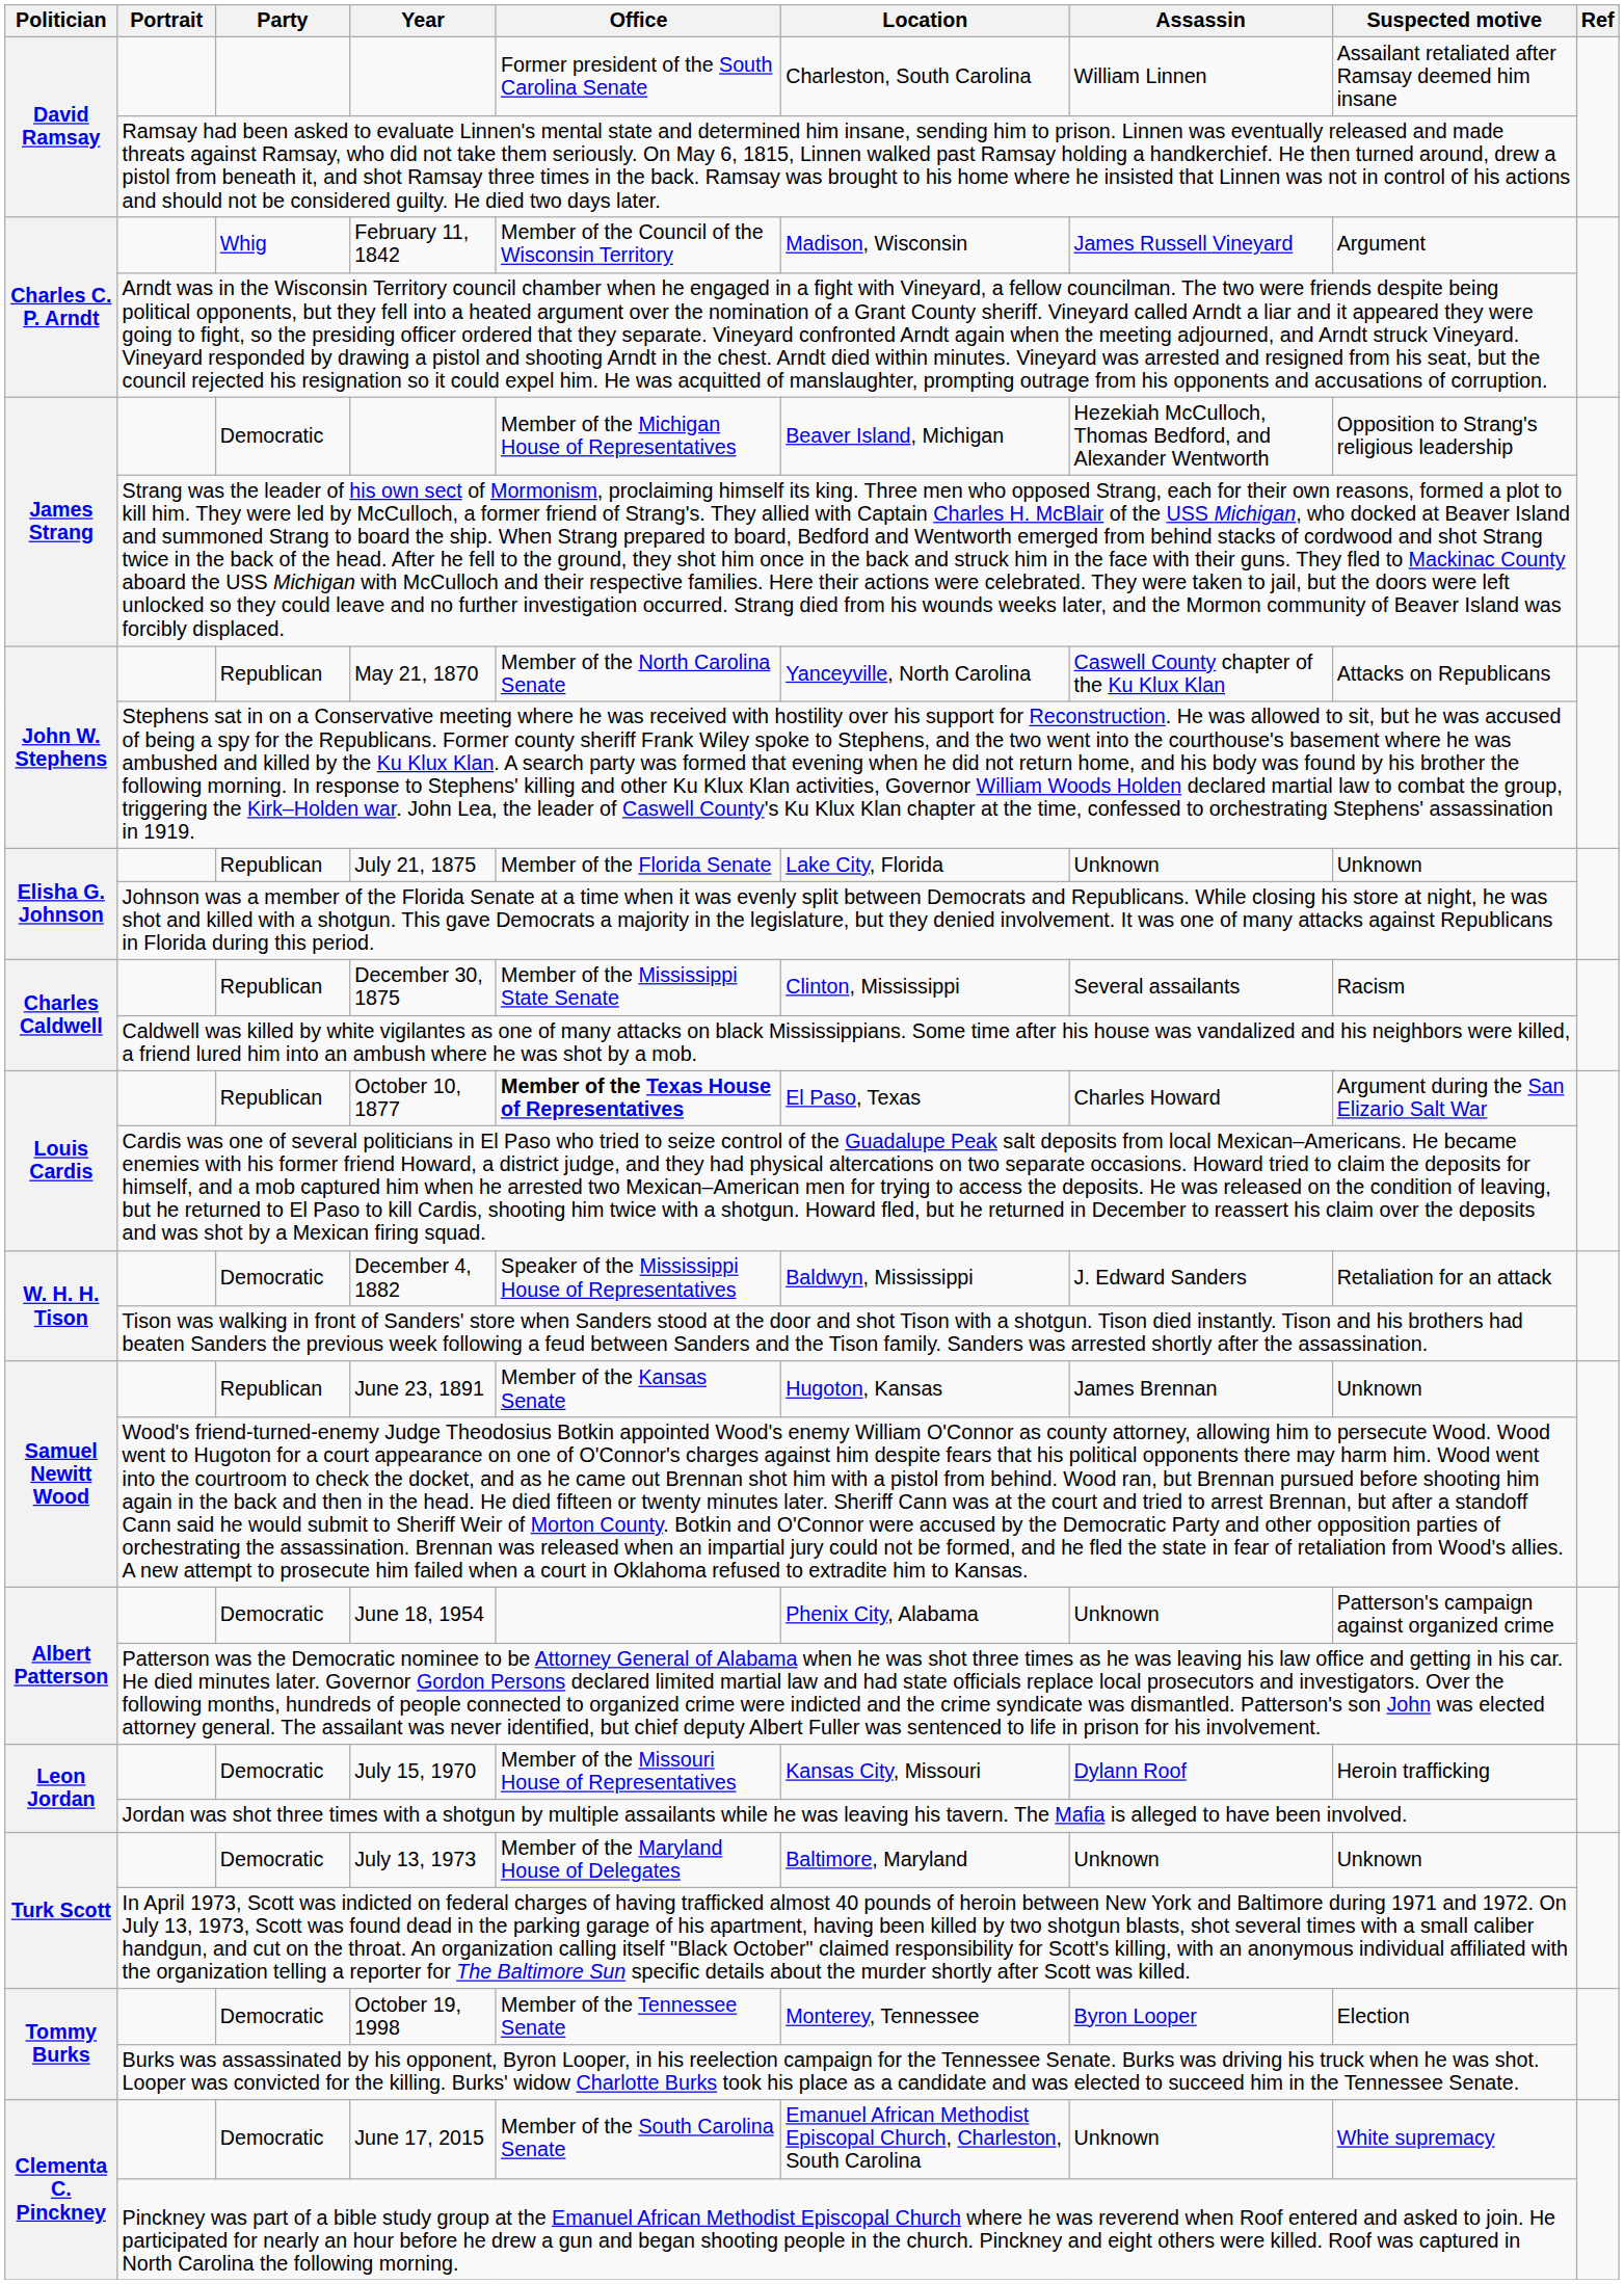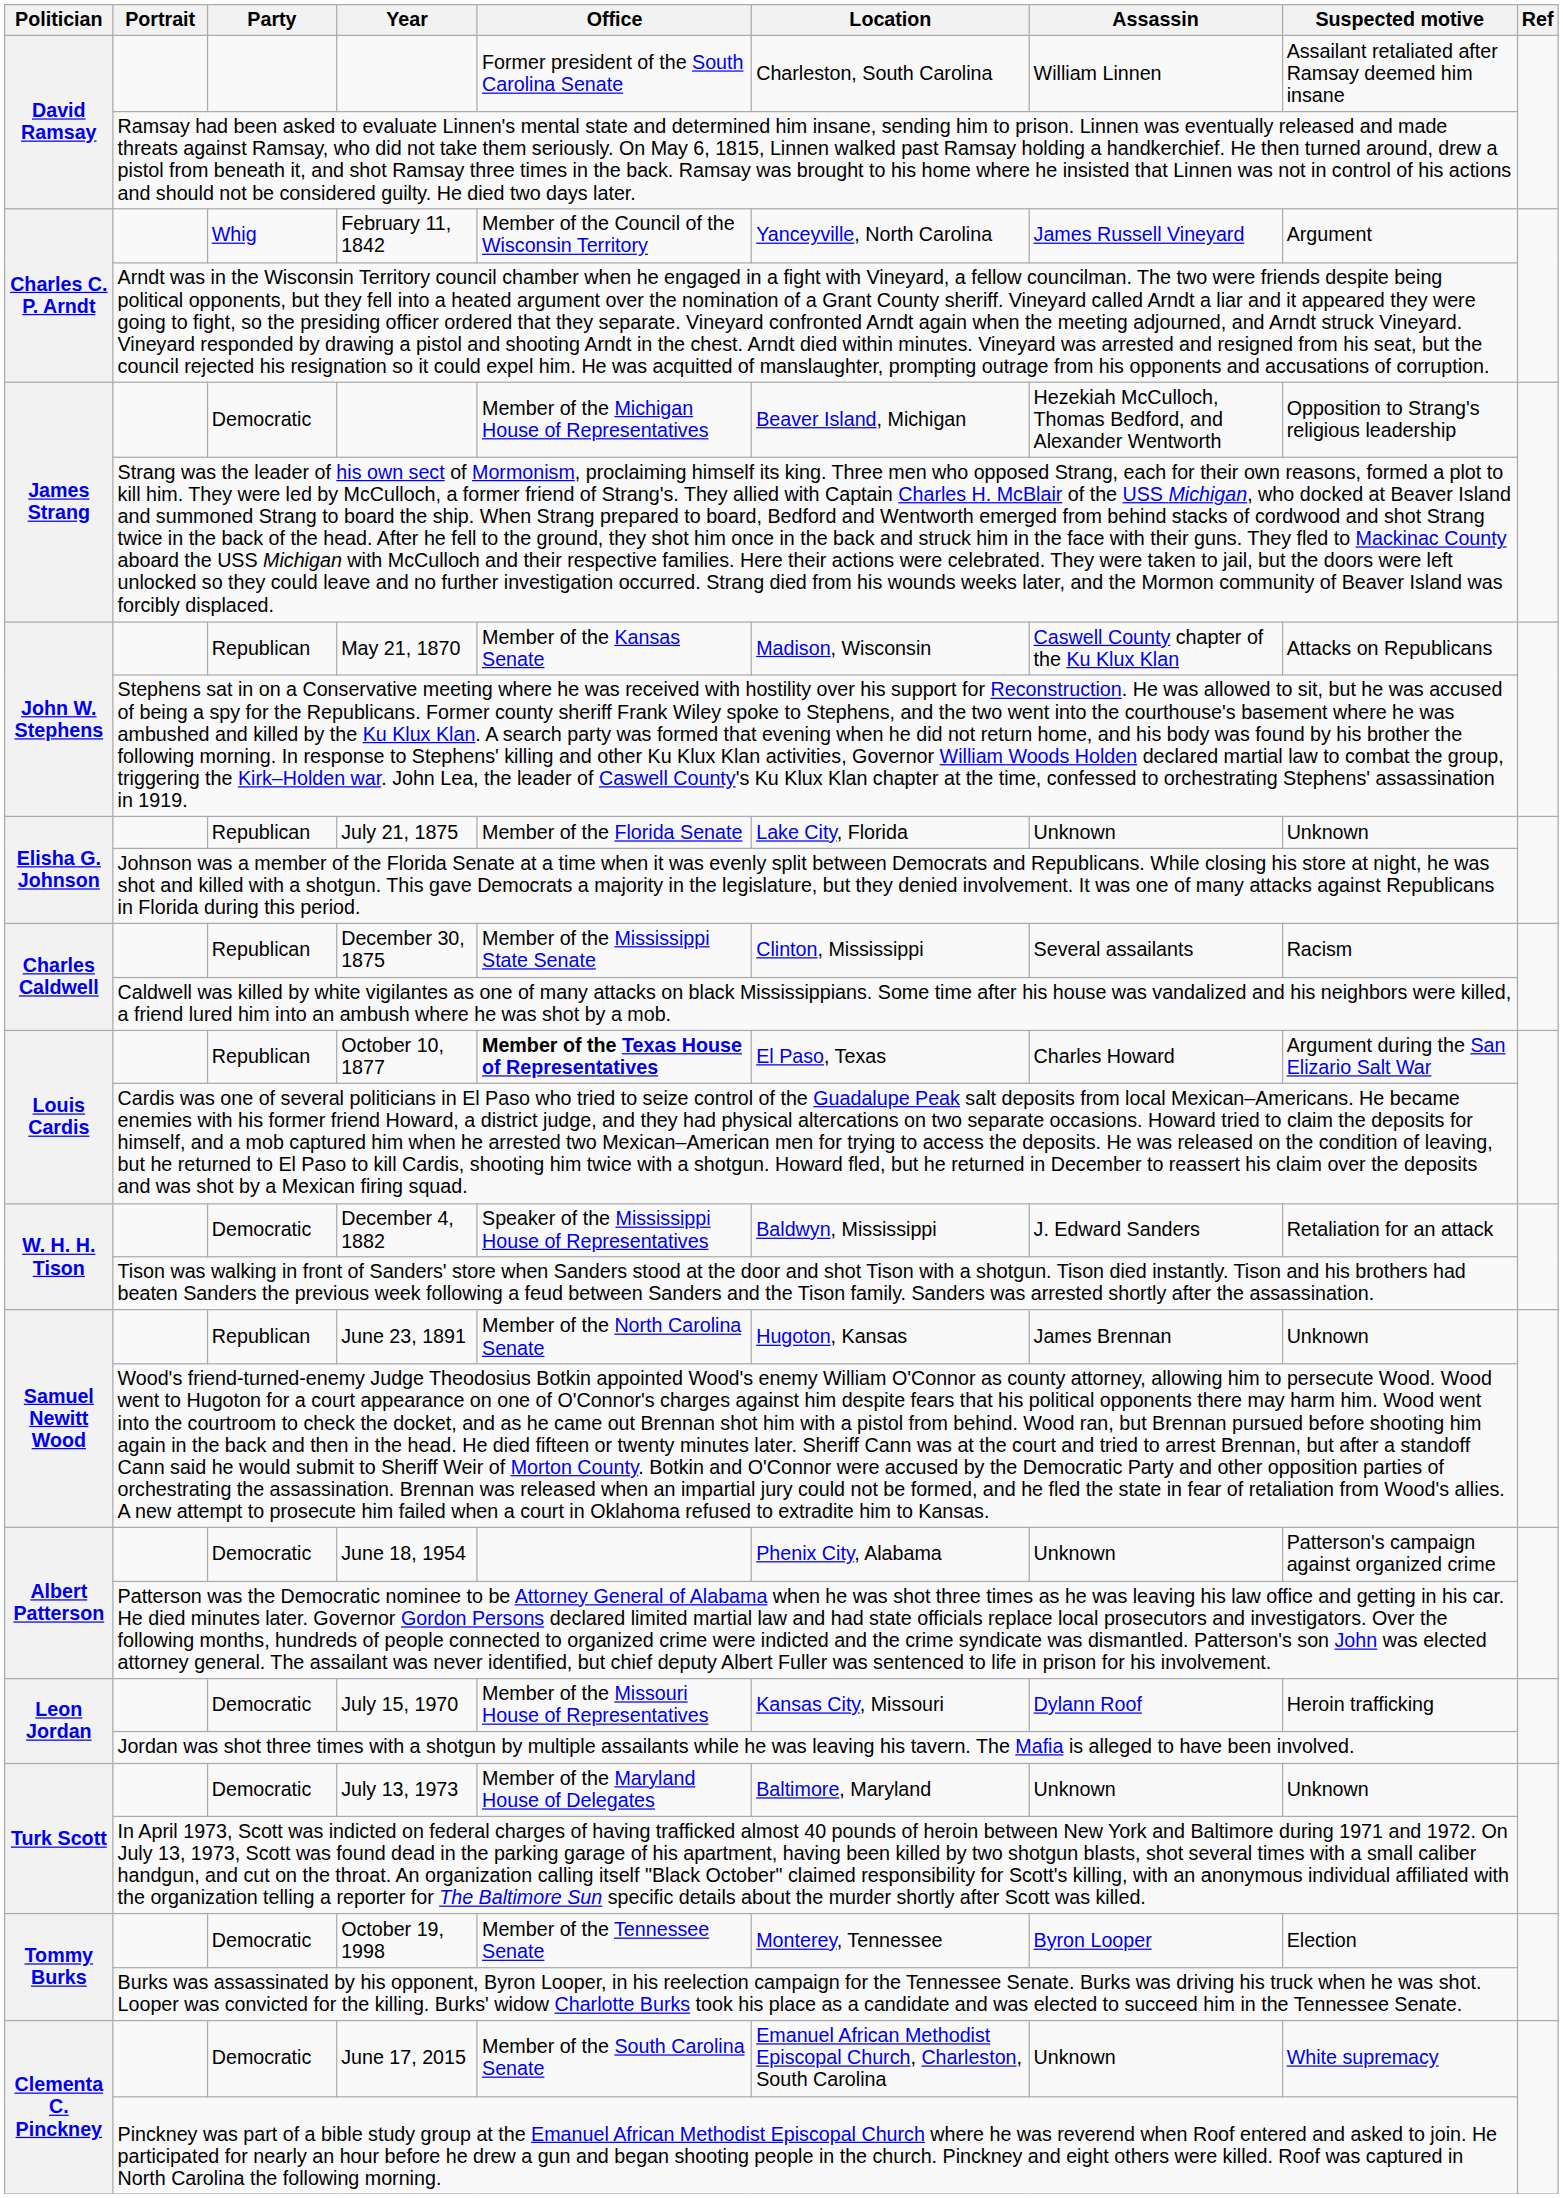 <table class="wikitable" style="width:100%;">
 <tr>
 <th>Politician</th>
 <th>Portrait</th>
 <th>Party</th>
 <th>Year</th>
 <th>Office</th>
 <th>Location</th>
 <th>Assassin</th>
 <th>Suspected motive</th>
 <th>Ref</th>
 </tr>
 <tr>
 <th rowspan="2"><a href='#'>David Ramsay</a></th>
 <td></td>
 <td></td>
 <td></td>
 <td>Former president of the <a href='#'>South Carolina Senate</a></td>
 <td>Charleston, South Carolina</td>
 <td>William Linnen</td>
 <td>Assailant retaliated after Ramsay deemed him insane</td>
 <td rowspan="2"></td>
 </tr>
 <tr class="expand-child">
 <td colspan="7">Ramsay had been asked to evaluate Linnen's mental state and determined him insane, sending him to prison. Linnen was eventually released and made threats against Ramsay, who did not take them seriously. On May 6, 1815, Linnen walked past Ramsay holding a handkerchief. He then turned around, drew a pistol from beneath it, and shot Ramsay three times in the back. Ramsay was brought to his home where he insisted that Linnen was not in control of his actions and should not be considered guilty. He died two days later.</td>
 </tr>
 <tr>
 <th rowspan="2"><a href='#'>Charles C. P. Arndt</a></th>
 <td></td>
 <td><a href='#'>Whig</a></td>
 <td>February 11, 1842</td>
 <td>Member of the Council of the <a href='#'>Wisconsin Territory</a></td>
-<td><a href='#'>Madison</a>, Wisconsin</td>
+<td><a href='#'>Yanceyville</a>, North Carolina</td>
 <td><a href='#'>James Russell Vineyard</a></td>
 <td>Argument</td>
 <td rowspan="2"></td>
 </tr>
 <tr class="expand-child">
 <td colspan="7">Arndt was in the Wisconsin Territory council chamber when he engaged in a fight with Vineyard, a fellow councilman. The two were friends despite being political opponents, but they fell into a heated argument over the nomination of a Grant County sheriff. Vineyard called Arndt a liar and it appeared they were going to fight, so the presiding officer ordered that they separate. Vineyard confronted Arndt again when the meeting adjourned, and Arndt struck Vineyard. Vineyard responded by drawing a pistol and shooting Arndt in the chest. Arndt died within minutes. Vineyard was arrested and resigned from his seat, but the council rejected his resignation so it could expel him. He was acquitted of manslaughter, prompting outrage from his opponents and accusations of corruption.</td>
 </tr>
 <tr>
 <th rowspan="2"><a href='#'>James Strang</a></th>
 <td></td>
 <td>Democratic</td>
 <td></td>
 <td>Member of the <a href='#'>Michigan House of Representatives</a></td>
 <td><a href='#'>Beaver Island</a>, Michigan</td>
 <td>Hezekiah McCulloch, Thomas Bedford, and Alexander Wentworth</td>
 <td>Opposition to Strang's religious leadership</td>
 <td rowspan="2"></td>
 </tr>
 <tr class="expand-child">
 <td colspan="7">Strang was the leader of <a href='#'>his own sect</a> of <a href='#'>Mormonism</a>, proclaiming himself its king. Three men who opposed Strang, each for their own reasons, formed a plot to kill him. They were led by McCulloch, a former friend of Strang's. They allied with Captain <a href='#'>Charles H. McBlair</a> of the <a href='#'>USS <em>Michigan</em></a>, who docked at Beaver Island and summoned Strang to board the ship. When Strang prepared to board, Bedford and Wentworth emerged from behind stacks of cordwood and shot Strang twice in the back of the head. After he fell to the ground, they shot him once in the back and struck him in the face with their guns. They fled to <a href='#'>Mackinac County</a> aboard the USS <em>Michigan</em> with McCulloch and their respective families. Here their actions were celebrated. They were taken to jail, but the doors were left unlocked so they could leave and no further investigation occurred. Strang died from his wounds weeks later, and the Mormon community of Beaver Island was forcibly displaced.</td>
 </tr>
 <tr>
 <th rowspan="2"><a href='#'>John W. Stephens</a></th>
 <td></td>
 <td>Republican</td>
 <td>May 21, 1870</td>
-<td>Member of the <a href='#'>North Carolina Senate</a></td>
-<td><a href='#'>Yanceyville</a>, North Carolina</td>
+<td>Member of the <a href='#'>Kansas Senate</a></td>
+<td><a href='#'>Madison</a>, Wisconsin</td>
 <td><a href='#'>Caswell County</a> chapter of the <a href='#'>Ku Klux Klan</a></td>
 <td>Attacks on Republicans</td>
 <td rowspan="2"></td>
 </tr>
 <tr class="expand-child">
 <td colspan="7">Stephens sat in on a Conservative meeting where he was received with hostility over his support for <a href='#'>Reconstruction</a>. He was allowed to sit, but he was accused of being a spy for the Republicans. Former county sheriff Frank Wiley spoke to Stephens, and the two went into the courthouse's basement where he was ambushed and killed by the <a href='#'>Ku Klux Klan</a>. A search party was formed that evening when he did not return home, and his body was found by his brother the following morning. In response to Stephens' killing and other Ku Klux Klan activities, Governor <a href='#'>William Woods Holden</a> declared martial law to combat the group, triggering the <a href='#'>Kirk–Holden war</a>. John Lea, the leader of <a href='#'>Caswell County</a>'s Ku Klux Klan chapter at the time, confessed to orchestrating Stephens' assassination in 1919.</td>
 </tr>
 <tr>
 <th rowspan="2"><a href='#'>Elisha G. Johnson</a></th>
 <td></td>
 <td>Republican</td>
 <td>July 21, 1875</td>
 <td>Member of the <a href='#'>Florida Senate</a></td>
 <td><a href='#'>Lake City</a>, Florida</td>
 <td>Unknown</td>
 <td>Unknown</td>
 <td rowspan="2"></td>
 </tr>
 <tr class="expand-child">
 <td colspan="7">Johnson was a member of the Florida Senate at a time when it was evenly split between Democrats and Republicans. While closing his store at night, he was shot and killed with a shotgun. This gave Democrats a majority in the legislature, but they denied involvement. It was one of many attacks against Republicans in Florida during this period.</td>
 </tr>
 <tr>
 <th rowspan="2"><a href='#'>Charles Caldwell</a></th>
 <td></td>
 <td>Republican</td>
 <td>December 30, 1875</td>
 <td>Member of the <a href='#'>Mississippi State Senate</a></td>
 <td><a href='#'>Clinton</a>, Mississippi</td>
 <td>Several assailants</td>
 <td>Racism</td>
 <td rowspan="2"></td>
 </tr>
 <tr class="expand-child">
 <td colspan="7">Caldwell was killed by white vigilantes as one of many attacks on black Mississippians. Some time after his house was vandalized and his neighbors were killed, a friend lured him into an ambush where he was shot by a mob.</td>
 </tr>
 <tr>
 <th rowspan="2"><a href='#'>Louis Cardis</a></th>
 <td></td>
 <td>Republican</td>
 <td>October 10, 1877</td>
 <td><strong>Member of the <a href='#'>Texas House of Representatives</a></strong></td>
 <td><a href='#'>El Paso</a>, Texas</td>
 <td>Charles Howard</td>
 <td>Argument during the <a href='#'>San Elizario Salt War</a></td>
 <td rowspan="2"></td>
 </tr>
 <tr class="expand-child">
 <td colspan="7">Cardis was one of several politicians in El Paso who tried to seize control of the <a href='#'>Guadalupe Peak</a> salt deposits from local Mexican–Americans. He became enemies with his former friend Howard, a district judge, and they had physical altercations on two separate occasions. Howard tried to claim the deposits for himself, and a mob captured him when he arrested two Mexican–American men for trying to access the deposits. He was released on the condition of leaving, but he returned to El Paso to kill Cardis, shooting him twice with a shotgun. Howard fled, but he returned in December to reassert his claim over the deposits and was shot by a Mexican firing squad.</td>
 </tr>
 <tr>
 <th rowspan="2"><a href='#'>W. H. H. Tison</a></th>
 <td></td>
 <td>Democratic</td>
 <td>December 4, 1882</td>
 <td>Speaker of the <a href='#'>Mississippi House of Representatives</a></td>
 <td><a href='#'>Baldwyn</a>, Mississippi</td>
 <td>J. Edward Sanders</td>
 <td>Retaliation for an attack</td>
 <td rowspan="2"></td>
 </tr>
 <tr class="expand-child">
 <td colspan="7">Tison was walking in front of Sanders' store when Sanders stood at the door and shot Tison with a shotgun. Tison died instantly. Tison and his brothers had beaten Sanders the previous week following a feud between Sanders and the Tison family. Sanders was arrested shortly after the assassination.</td>
 </tr>
 <tr>
 <th rowspan="2"><a href='#'>Samuel Newitt Wood</a></th>
 <td></td>
 <td>Republican</td>
 <td>June 23, 1891</td>
-<td>Member of the <a href='#'>Kansas Senate</a></td>
+<td>Member of the <a href='#'>North Carolina Senate</a></td>
 <td><a href='#'>Hugoton</a>, Kansas</td>
 <td>James Brennan</td>
 <td>Unknown</td>
 <td rowspan="2"></td>
 </tr>
 <tr class="expand-child">
 <td colspan="7">Wood's friend-turned-enemy Judge Theodosius Botkin appointed Wood's enemy William O'Connor as county attorney, allowing him to persecute Wood. Wood went to Hugoton for a court appearance on one of O'Connor's charges against him despite fears that his political opponents there may harm him. Wood went into the courtroom to check the docket, and as he came out Brennan shot him with a pistol from behind. Wood ran, but Brennan pursued before shooting him again in the back and then in the head. He died fifteen or twenty minutes later. Sheriff Cann was at the court and tried to arrest Brennan, but after a standoff Cann said he would submit to Sheriff Weir of <a href='#'>Morton County</a>. Botkin and O'Connor were accused by the Democratic Party and other opposition parties of orchestrating the assassination. Brennan was released when an impartial jury could not be formed, and he fled the state in fear of retaliation from Wood's allies. A new attempt to prosecute him failed when a court in Oklahoma refused to extradite him to Kansas.</td>
 </tr>
 <tr>
 <th rowspan="2"><a href='#'>Albert Patterson</a></th>
 <td></td>
 <td>Democratic</td>
 <td>June 18, 1954</td>
 <td></td>
 <td><a href='#'>Phenix City</a>, Alabama</td>
 <td>Unknown</td>
 <td>Patterson's campaign against organized crime</td>
 <td rowspan="2"></td>
 </tr>
 <tr class="expand-child">
 <td colspan="7">Patterson was the Democratic nominee to be <a href='#'>Attorney General of Alabama</a> when he was shot three times as he was leaving his law office and getting in his car. He died minutes later. Governor <a href='#'>Gordon Persons</a> declared limited martial law and had state officials replace local prosecutors and investigators. Over the following months, hundreds of people connected to organized crime were indicted and the crime syndicate was dismantled. Patterson's son <a href='#'>John</a> was elected attorney general. The assailant was never identified, but chief deputy Albert Fuller was sentenced to life in prison for his involvement.</td>
 </tr>
 <tr>
 <th rowspan="2"><a href='#'>Leon Jordan</a></th>
 <td></td>
 <td>Democratic</td>
 <td>July 15, 1970</td>
 <td>Member of the <a href='#'>Missouri House of Representatives</a></td>
 <td><a href='#'>Kansas City</a>, Missouri</td>
 <td><a href='#'>Dylann Roof</a></td>
 <td>Heroin trafficking</td>
 <td rowspan="2"></td>
 </tr>
 <tr class="expand-child">
 <td colspan="7">Jordan was shot three times with a shotgun by multiple assailants while he was leaving his tavern. The <a href='#'>Mafia</a> is alleged to have been involved.</td>
 </tr>
 <tr>
 <th rowspan="2"><a href='#'>Turk Scott</a></th>
 <td></td>
 <td>Democratic</td>
 <td>July 13, 1973</td>
 <td>Member of the <a href='#'>Maryland House of Delegates</a></td>
 <td><a href='#'>Baltimore</a>, Maryland</td>
 <td>Unknown</td>
 <td>Unknown</td>
 <td rowspan="2"></td>
 </tr>
 <tr class="expand-child">
 <td colspan="7">In April 1973, Scott was indicted on federal charges of having trafficked almost 40 pounds of heroin between New York and Baltimore during 1971 and 1972. On July 13, 1973, Scott was found dead in the parking garage of his apartment, having been killed by two shotgun blasts, shot several times with a small caliber handgun, and cut on the throat. An organization calling itself "Black October" claimed responsibility for Scott's killing, with an anonymous individual affiliated with the organization telling a reporter for <em><a href='#'>The Baltimore Sun</a></em> specific details about the murder shortly after Scott was killed.</td>
 </tr>
 <tr>
 <th rowspan="2"><a href='#'>Tommy Burks</a></th>
 <td></td>
 <td>Democratic</td>
 <td>October 19, 1998</td>
 <td>Member of the <a href='#'>Tennessee Senate</a></td>
 <td><a href='#'>Monterey</a>, Tennessee</td>
 <td><a href='#'>Byron Looper</a></td>
 <td>Election</td>
 <td rowspan="2"></td>
 </tr>
 <tr class="expand-child">
 <td colspan="7">Burks was assassinated by his opponent, Byron Looper, in his reelection campaign for the Tennessee Senate. Burks was driving his truck when he was shot. Looper was convicted for the killing. Burks' widow <a href='#'>Charlotte Burks</a> took his place as a candidate and was elected to succeed him in the Tennessee Senate.</td>
 </tr>
 <tr>
 <th rowspan="2"><a href='#'>Clementa C. Pinckney</a></th>
 <td></td>
 <td>Democratic</td>
 <td>June 17, 2015</td>
 <td>Member of the <a href='#'>South Carolina Senate</a></td>
 <td><a href='#'>Emanuel African Methodist Episcopal Church</a>, <a href='#'>Charleston</a>, South Carolina</td>
 <td>Unknown</td>
 <td><a href='#'>White supremacy</a></td>
 <td rowspan="2"></td>
 </tr>
 <tr class="expand-child">
 <td colspan="7"><br>Pinckney was part of a bible study group at the <a href='#'>Emanuel African Methodist Episcopal Church</a> where he was reverend when Roof entered and asked to join. He participated for nearly an hour before he drew a gun and began shooting people in the church. Pinckney and eight others were killed. Roof was captured in North Carolina the following morning.</td>
 </tr>
 </table>
